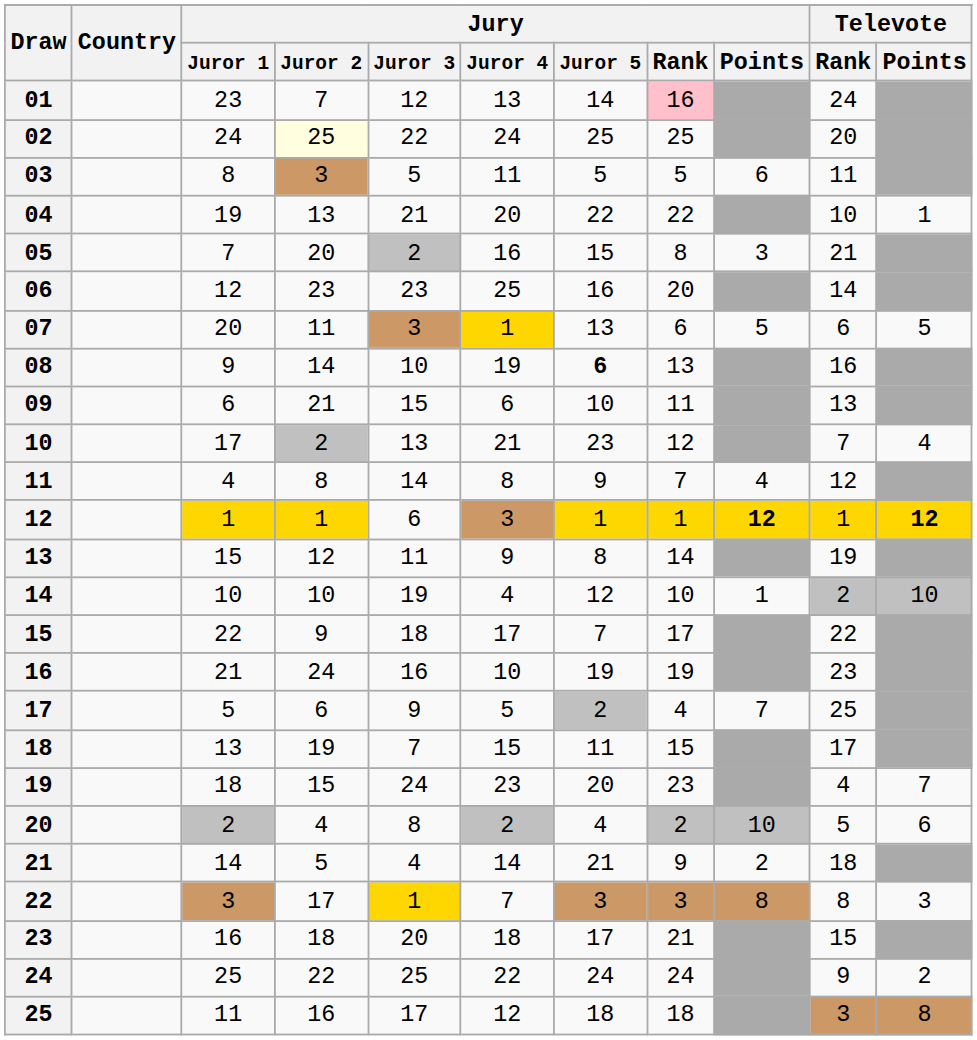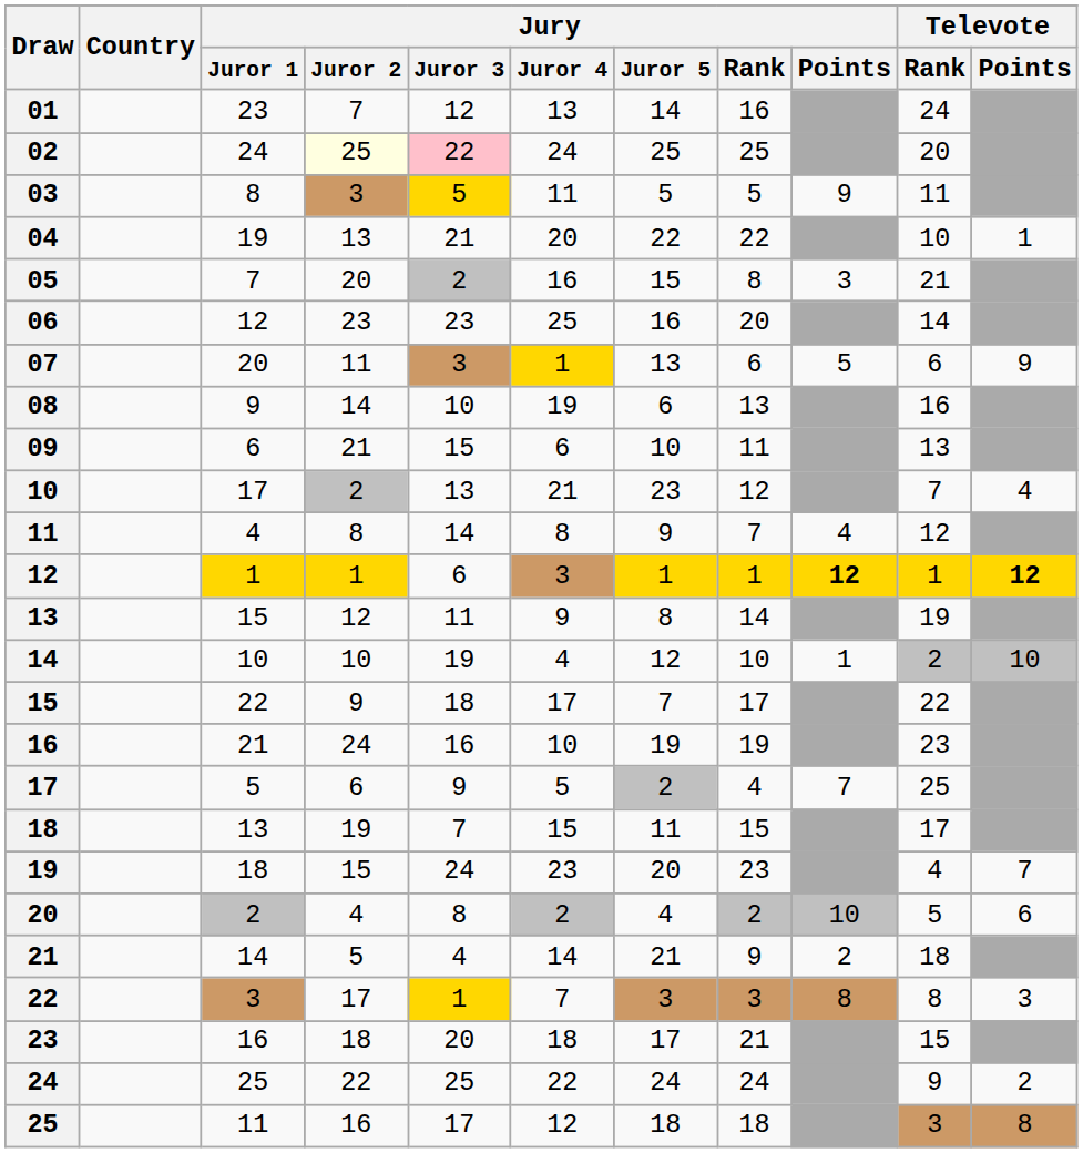 <table class="sortable wikitable collapsible plainrowheaders" style="text-align:center">
 <tr>
 </tr>
 <tr>
 <th scope="col" rowspan="2">Draw</th>
 <th scope="col" rowspan="2">Country</th>
 <th scope="col" colspan="7">Jury</th>
 <th scope="col" colspan="2">Televote</th>
 </tr>
 <tr>
 <th scope="col"><small>Juror 1</small></th>
 <th scope="col"><small>Juror 2</small></th>
 <th scope="col"><small>Juror 3</small></th>
 <th scope="col"><small>Juror 4</small></th>
 <th scope="col"><small>Juror 5</small></th>
 <th scope="col">Rank</th>
 <th scope="col">Points</th>
 <th scope="col">Rank</th>
 <th scope="col">Points</th>
 </tr>
 <tr>
 <th scope="row" style="text-align:center;">01</th>
 <td style="text-align:left;"></td>
 <td>23</td>
 <td>7</td>
 <td>12</td>
 <td>13</td>
 <td>14</td>
-<td style="background: pink;">16</td>
+<td>16</td>
 <td style="background:#AAAAAA;"></td>
 <td>24</td>
 <td style="background:#AAAAAA;"></td>
 </tr>
 <tr>
 <th scope="row" style="text-align:center;">02</th>
 <td style="text-align:left;"></td>
 <td>24</td>
 <td style="background: lightyellow;">25</td>
-<td>22</td>
+<td style="background: pink;">22</td>
 <td>24</td>
 <td>25</td>
 <td>25</td>
 <td style="background:#AAAAAA;"></td>
 <td>20</td>
 <td style="background:#AAAAAA;"></td>
 </tr>
 <tr>
 <th scope="row" style="text-align:center;">03</th>
 <td style="text-align:left;"></td>
 <td>8</td>
 <td style="background:#CC9966;">3</td>
-<td>5</td>
+<td style="background: gold;">5</td>
 <td>11</td>
 <td>5</td>
 <td>5</td>
-<td>6</td>
+<td>9</td>
 <td>11</td>
 <td style="background:#AAAAAA;"></td>
 </tr>
 <tr>
 <th scope="row" style="text-align:center;">04</th>
 <td style="text-align:left;"></td>
 <td>19</td>
 <td>13</td>
 <td>21</td>
 <td>20</td>
 <td>22</td>
 <td>22</td>
 <td style="background:#AAAAAA;"></td>
 <td>10</td>
 <td>1</td>
 </tr>
 <tr>
 <th scope="row" style="text-align:center;">05</th>
 <td style="text-align:left;"></td>
 <td>7</td>
 <td>20</td>
 <td style="background:silver;">2</td>
 <td>16</td>
 <td>15</td>
 <td>8</td>
 <td>3</td>
 <td>21</td>
 <td style="background:#AAAAAA;"></td>
 </tr>
 <tr>
 <th scope="row" style="text-align:center;">06</th>
 <td style="text-align:left;"></td>
 <td>12</td>
 <td>23</td>
 <td>23</td>
 <td>25</td>
 <td>16</td>
 <td>20</td>
 <td style="background:#AAAAAA;"></td>
 <td>14</td>
 <td style="background:#AAAAAA;"></td>
 </tr>
 <tr>
 <th scope="row" style="text-align:center;">07</th>
 <td style="text-align:left;"></td>
 <td>20</td>
 <td>11</td>
 <td style="background:#CC9966;">3</td>
 <td style="background:gold;">1</td>
 <td>13</td>
 <td>6</td>
 <td>5</td>
 <td>6</td>
-<td>5</td>
+<td>9</td>
 </tr>
 <tr>
 <th scope="row" style="text-align:center;">08</th>
 <td style="text-align:left;"></td>
 <td>9</td>
 <td>14</td>
 <td>10</td>
 <td>19</td>
-<td><strong>6</strong></td>
+<td>6</td>
 <td>13</td>
 <td style="background:#AAAAAA;"></td>
 <td>16</td>
 <td style="background:#AAAAAA;"></td>
 </tr>
 <tr>
 <th scope="row" style="text-align:center;">09</th>
 <td style="text-align:left;"></td>
 <td>6</td>
 <td>21</td>
 <td>15</td>
 <td>6</td>
 <td>10</td>
 <td>11</td>
 <td style="background:#AAAAAA;"></td>
 <td>13</td>
 <td style="background:#AAAAAA;"></td>
 </tr>
 <tr>
 <th scope="row" style="text-align:center;">10</th>
 <td style="text-align:left;"></td>
 <td>17</td>
 <td style="background:silver;">2</td>
 <td>13</td>
 <td>21</td>
 <td>23</td>
 <td>12</td>
 <td style="background:#AAAAAA;"></td>
 <td>7</td>
 <td>4</td>
 </tr>
 <tr>
 <th scope="row" style="text-align:center;">11</th>
 <td style="text-align:left;"></td>
 <td>4</td>
 <td>8</td>
 <td>14</td>
 <td>8</td>
 <td>9</td>
 <td>7</td>
 <td>4</td>
 <td>12</td>
 <td style="background:#AAAAAA;"></td>
 </tr>
 <tr>
 <th scope="row" style="text-align:center;">12</th>
 <td style="text-align:left;"></td>
 <td style="background:gold;">1</td>
 <td style="background:gold;">1</td>
 <td>6</td>
 <td style="background:#CC9966;">3</td>
 <td style="background:gold;">1</td>
 <td style="background:gold;">1</td>
 <td style="background:gold;"><strong>12</strong></td>
 <td style="background:gold;">1</td>
 <td style="background:gold;"><strong>12</strong></td>
 </tr>
 <tr>
 <th scope="row" style="text-align:center;">13</th>
 <td style="text-align:left;"></td>
 <td>15</td>
 <td>12</td>
 <td>11</td>
 <td>9</td>
 <td>8</td>
 <td>14</td>
 <td style="background:#AAAAAA;"></td>
 <td>19</td>
 <td style="background:#AAAAAA;"></td>
 </tr>
 <tr>
 <th scope="row" style="text-align:center;">14</th>
 <td style="text-align:left;"></td>
 <td>10</td>
 <td>10</td>
 <td>19</td>
 <td>4</td>
 <td>12</td>
 <td>10</td>
 <td>1</td>
 <td style="background:silver;">2</td>
 <td style="background:silver;">10</td>
 </tr>
 <tr>
 <th scope="row" style="text-align:center;">15</th>
 <td style="text-align:left;"></td>
 <td>22</td>
 <td>9</td>
 <td>18</td>
 <td>17</td>
 <td>7</td>
 <td>17</td>
 <td style="background:#AAAAAA;"></td>
 <td>22</td>
 <td style="background:#AAAAAA;"></td>
 </tr>
 <tr>
 <th scope="row" style="text-align:center;">16</th>
 <td style="text-align:left;"></td>
 <td>21</td>
 <td>24</td>
 <td>16</td>
 <td>10</td>
 <td>19</td>
 <td>19</td>
 <td style="background:#AAAAAA;"></td>
 <td>23</td>
 <td style="background:#AAAAAA;"></td>
 </tr>
 <tr>
 <th scope="row" style="text-align:center;">17</th>
 <td style="text-align:left;"></td>
 <td>5</td>
 <td>6</td>
 <td>9</td>
 <td>5</td>
 <td style="background:silver;">2</td>
 <td>4</td>
 <td>7</td>
 <td>25</td>
 <td style="background:#AAAAAA;"></td>
 </tr>
 <tr>
 <th scope="row" style="text-align:center;">18</th>
 <td style="text-align:left;"></td>
 <td>13</td>
 <td>19</td>
 <td>7</td>
 <td>15</td>
 <td>11</td>
 <td>15</td>
 <td style="background:#AAAAAA;"></td>
 <td>17</td>
 <td style="background:#AAAAAA;"></td>
 </tr>
 <tr>
 <th scope="row" style="text-align:center;">19</th>
 <td style="text-align:left;"></td>
 <td>18</td>
 <td>15</td>
 <td>24</td>
 <td>23</td>
 <td>20</td>
 <td>23</td>
 <td style="background:#AAAAAA;"></td>
 <td>4</td>
 <td>7</td>
 </tr>
 <tr>
 <th scope="row" style="text-align:center;">20</th>
 <td style="text-align:left;"></td>
 <td style="background:silver;">2</td>
 <td>4</td>
 <td>8</td>
 <td style="background:silver;">2</td>
 <td>4</td>
 <td style="background:silver;">2</td>
 <td style="background:silver;">10</td>
 <td>5</td>
 <td>6</td>
 </tr>
 <tr>
 <th scope="row" style="text-align:center;">21</th>
 <td style="text-align:left;"></td>
 <td>14</td>
 <td>5</td>
 <td>4</td>
 <td>14</td>
 <td>21</td>
 <td>9</td>
 <td>2</td>
 <td>18</td>
 <td style="background:#AAAAAA;"></td>
 </tr>
 <tr>
 <th scope="row" style="text-align:center;">22</th>
 <td style="text-align:left;"></td>
 <td style="background:#CC9966;">3</td>
 <td>17</td>
 <td style="background:gold;">1</td>
 <td>7</td>
 <td style="background:#CC9966;">3</td>
 <td style="background:#CC9966;">3</td>
 <td style="background:#CC9966;">8</td>
 <td>8</td>
 <td>3</td>
 </tr>
 <tr>
 <th scope="row" style="text-align:center;">23</th>
 <td style="text-align:left;"></td>
 <td>16</td>
 <td>18</td>
 <td>20</td>
 <td>18</td>
 <td>17</td>
 <td>21</td>
 <td style="background:#AAAAAA;"></td>
 <td>15</td>
 <td style="background:#AAAAAA;"></td>
 </tr>
 <tr>
 <th scope="row" style="text-align:center;">24</th>
 <td style="text-align:left;"></td>
 <td>25</td>
 <td>22</td>
 <td>25</td>
 <td>22</td>
 <td>24</td>
 <td>24</td>
 <td style="background:#AAAAAA;"></td>
 <td>9</td>
 <td>2</td>
 </tr>
 <tr>
 <th scope="row" style="text-align:center;">25</th>
 <td style="text-align:left;"></td>
 <td>11</td>
 <td>16</td>
 <td>17</td>
 <td>12</td>
 <td>18</td>
 <td>18</td>
 <td style="background:#AAAAAA;"></td>
 <td style="background:#CC9966;">3</td>
 <td style="background:#CC9966;">8</td>
 </tr>
 </table>
